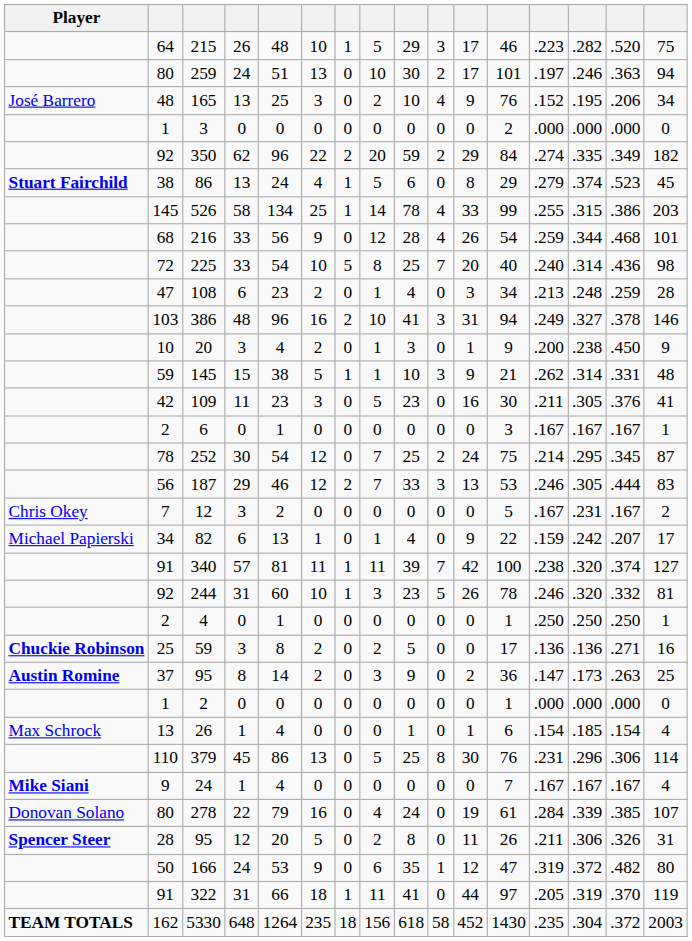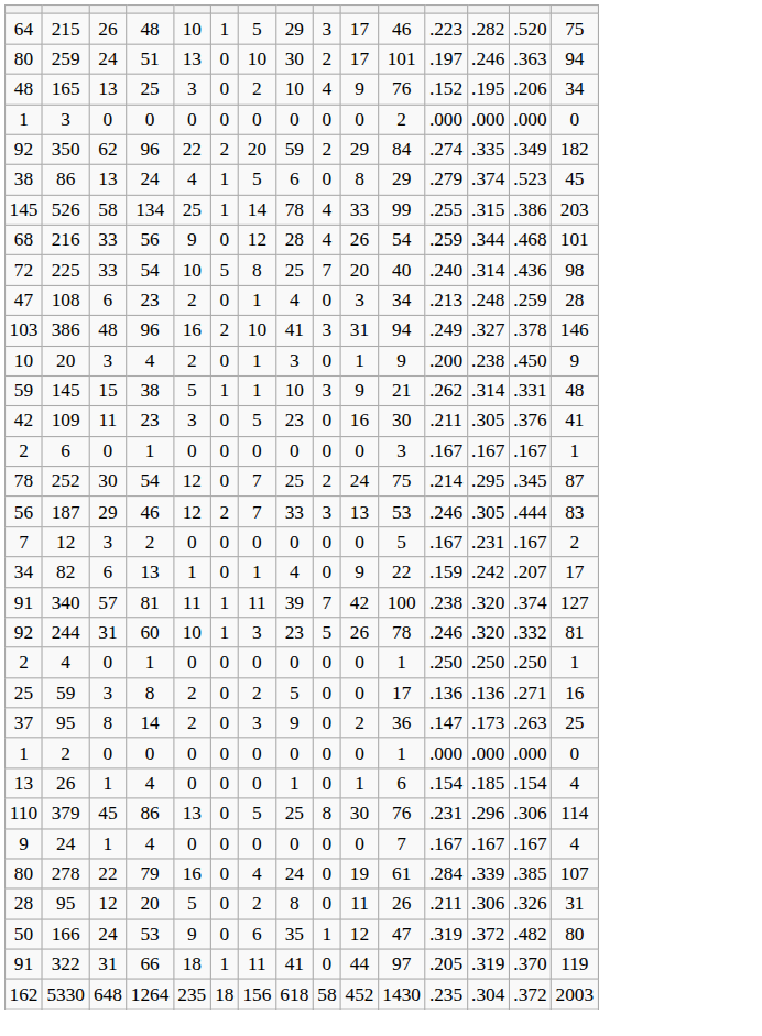 <table class="wikitable sortable" style="text-align:center;">
 <tr>
-<th>Player</th>
 <th></th>
 <th></th>
 <th></th>
 <th></th>
 <th></th>
 <th></th>
 <th></th>
 <th></th>
 <th></th>
 <th></th>
 <th></th>
 <th></th>
 <th></th>
 <th></th>
 <th></th>
 </tr>
 <tr>
-<td align=left></td>
 <td>64</td>
 <td>215</td>
 <td>26</td>
 <td>48</td>
 <td>10</td>
 <td>1</td>
 <td>5</td>
 <td>29</td>
 <td>3</td>
 <td>17</td>
 <td>46</td>
 <td>.223</td>
 <td>.282</td>
 <td>.520</td>
 <td>75</td>
 </tr>
 <tr>
-<td align=left><strong></strong></td>
 <td>80</td>
 <td>259</td>
 <td>24</td>
 <td>51</td>
 <td>13</td>
 <td>0</td>
 <td>10</td>
 <td>30</td>
 <td>2</td>
 <td>17</td>
 <td>101</td>
 <td>.197</td>
 <td>.246</td>
 <td>.363</td>
 <td>94</td>
 </tr>
 <tr>
-<td align=left><a href='#'>José Barrero</a></td>
 <td>48</td>
 <td>165</td>
 <td>13</td>
 <td>25</td>
 <td>3</td>
 <td>0</td>
 <td>2</td>
 <td>10</td>
 <td>4</td>
 <td>9</td>
 <td>76</td>
 <td>.152</td>
 <td>.195</td>
 <td>.206</td>
 <td>34</td>
 </tr>
 <tr>
-<td align=left></td>
 <td>1</td>
 <td>3</td>
 <td>0</td>
 <td>0</td>
 <td>0</td>
 <td>0</td>
 <td>0</td>
 <td>0</td>
 <td>0</td>
 <td>0</td>
 <td>2</td>
 <td>.000</td>
 <td>.000</td>
 <td>.000</td>
 <td>0</td>
 </tr>
 <tr>
-<td align=left></td>
 <td>92</td>
 <td>350</td>
 <td>62</td>
 <td>96</td>
 <td>22</td>
 <td>2</td>
 <td>20</td>
 <td>59</td>
 <td>2</td>
 <td>29</td>
 <td>84</td>
 <td>.274</td>
 <td>.335</td>
 <td>.349</td>
 <td>182</td>
 </tr>
 <tr>
-<td align=left><strong><a href='#'>Stuart Fairchild</a></strong></td>
 <td>38</td>
 <td>86</td>
 <td>13</td>
 <td>24</td>
 <td>4</td>
 <td>1</td>
 <td>5</td>
 <td>6</td>
 <td>0</td>
 <td>8</td>
 <td>29</td>
 <td>.279</td>
 <td>.374</td>
 <td>.523</td>
 <td>45</td>
 </tr>
 <tr>
-<td align=left><strong></strong></td>
 <td>145</td>
 <td>526</td>
 <td>58</td>
 <td>134</td>
 <td>25</td>
 <td>1</td>
 <td>14</td>
 <td>78</td>
 <td>4</td>
 <td>33</td>
 <td>99</td>
 <td>.255</td>
 <td>.315</td>
 <td>.386</td>
 <td>203</td>
 </tr>
 <tr>
-<td align=left></td>
 <td>68</td>
 <td>216</td>
 <td>33</td>
 <td>56</td>
 <td>9</td>
 <td>0</td>
 <td>12</td>
 <td>28</td>
 <td>4</td>
 <td>26</td>
 <td>54</td>
 <td>.259</td>
 <td>.344</td>
 <td>.468</td>
 <td>101</td>
 </tr>
 <tr>
-<td align=left><strong></strong></td>
 <td>72</td>
 <td>225</td>
 <td>33</td>
 <td>54</td>
 <td>10</td>
 <td>5</td>
 <td>8</td>
 <td>25</td>
 <td>7</td>
 <td>20</td>
 <td>40</td>
 <td>.240</td>
 <td>.314</td>
 <td>.436</td>
 <td>98</td>
 </tr>
 <tr>
-<td align=left><strong></strong></td>
 <td>47</td>
 <td>108</td>
 <td>6</td>
 <td>23</td>
 <td>2</td>
 <td>0</td>
 <td>1</td>
 <td>4</td>
 <td>0</td>
 <td>3</td>
 <td>34</td>
 <td>.213</td>
 <td>.248</td>
 <td>.259</td>
 <td>28</td>
 </tr>
 <tr>
-<td align=left></td>
 <td>103</td>
 <td>386</td>
 <td>48</td>
 <td>96</td>
 <td>16</td>
 <td>2</td>
 <td>10</td>
 <td>41</td>
 <td>3</td>
 <td>31</td>
 <td>94</td>
 <td>.249</td>
 <td>.327</td>
 <td>.378</td>
 <td>146</td>
 </tr>
 <tr>
-<td align=left></td>
 <td>10</td>
 <td>20</td>
 <td>3</td>
 <td>4</td>
 <td>2</td>
 <td>0</td>
 <td>1</td>
 <td>3</td>
 <td>0</td>
 <td>1</td>
 <td>9</td>
 <td>.200</td>
 <td>.238</td>
 <td>.450</td>
 <td>9</td>
 </tr>
 <tr>
-<td align=left><strong></strong></td>
 <td>59</td>
 <td>145</td>
 <td>15</td>
 <td>38</td>
 <td>5</td>
 <td>1</td>
 <td>1</td>
 <td>10</td>
 <td>3</td>
 <td>9</td>
 <td>21</td>
 <td>.262</td>
 <td>.314</td>
 <td>.331</td>
 <td>48</td>
 </tr>
 <tr>
-<td align=left><strong></strong></td>
 <td>42</td>
 <td>109</td>
 <td>11</td>
 <td>23</td>
 <td>3</td>
 <td>0</td>
 <td>5</td>
 <td>23</td>
 <td>0</td>
 <td>16</td>
 <td>30</td>
 <td>.211</td>
 <td>.305</td>
 <td>.376</td>
 <td>41</td>
 </tr>
 <tr>
-<td align=left><strong></strong></td>
 <td>2</td>
 <td>6</td>
 <td>0</td>
 <td>1</td>
 <td>0</td>
 <td>0</td>
 <td>0</td>
 <td>0</td>
 <td>0</td>
 <td>0</td>
 <td>3</td>
 <td>.167</td>
 <td>.167</td>
 <td>.167</td>
 <td>1</td>
 </tr>
 <tr>
-<td align=left><strong></strong></td>
 <td>78</td>
 <td>252</td>
 <td>30</td>
 <td>54</td>
 <td>12</td>
 <td>0</td>
 <td>7</td>
 <td>25</td>
 <td>2</td>
 <td>24</td>
 <td>75</td>
 <td>.214</td>
 <td>.295</td>
 <td>.345</td>
 <td>87</td>
 </tr>
 <tr>
-<td align=left><strong></strong></td>
 <td>56</td>
 <td>187</td>
 <td>29</td>
 <td>46</td>
 <td>12</td>
 <td>2</td>
 <td>7</td>
 <td>33</td>
 <td>3</td>
 <td>13</td>
 <td>53</td>
 <td>.246</td>
 <td>.305</td>
 <td>.444</td>
 <td>83</td>
 </tr>
 <tr>
-<td align=left><a href='#'>Chris Okey</a></td>
 <td>7</td>
 <td>12</td>
 <td>3</td>
 <td>2</td>
 <td>0</td>
 <td>0</td>
 <td>0</td>
 <td>0</td>
 <td>0</td>
 <td>0</td>
 <td>5</td>
 <td>.167</td>
 <td>.231</td>
 <td>.167</td>
 <td>2</td>
 </tr>
 <tr>
-<td align=left><a href='#'>Michael Papierski</a></td>
 <td>34</td>
 <td>82</td>
 <td>6</td>
 <td>13</td>
 <td>1</td>
 <td>0</td>
 <td>1</td>
 <td>4</td>
 <td>0</td>
 <td>9</td>
 <td>22</td>
 <td>.159</td>
 <td>.242</td>
 <td>.207</td>
 <td>17</td>
 </tr>
 <tr>
-<td align=left><strong></strong></td>
 <td>91</td>
 <td>340</td>
 <td>57</td>
 <td>81</td>
 <td>11</td>
 <td>1</td>
 <td>11</td>
 <td>39</td>
 <td>7</td>
 <td>42</td>
 <td>100</td>
 <td>.238</td>
 <td>.320</td>
 <td>.374</td>
 <td>127</td>
 </tr>
 <tr>
-<td align=left><strong></strong></td>
 <td>92</td>
 <td>244</td>
 <td>31</td>
 <td>60</td>
 <td>10</td>
 <td>1</td>
 <td>3</td>
 <td>23</td>
 <td>5</td>
 <td>26</td>
 <td>78</td>
 <td>.246</td>
 <td>.320</td>
 <td>.332</td>
 <td>81</td>
 </tr>
 <tr>
-<td align=left></td>
 <td>2</td>
 <td>4</td>
 <td>0</td>
 <td>1</td>
 <td>0</td>
 <td>0</td>
 <td>0</td>
 <td>0</td>
 <td>0</td>
 <td>0</td>
 <td>1</td>
 <td>.250</td>
 <td>.250</td>
 <td>.250</td>
 <td>1</td>
 </tr>
 <tr>
-<td align=left><strong><a href='#'>Chuckie Robinson</a></strong></td>
 <td>25</td>
 <td>59</td>
 <td>3</td>
 <td>8</td>
 <td>2</td>
 <td>0</td>
 <td>2</td>
 <td>5</td>
 <td>0</td>
 <td>0</td>
 <td>17</td>
 <td>.136</td>
 <td>.136</td>
 <td>.271</td>
 <td>16</td>
 </tr>
 <tr>
-<td align=left><strong><a href='#'>Austin Romine</a></strong></td>
 <td>37</td>
 <td>95</td>
 <td>8</td>
 <td>14</td>
 <td>2</td>
 <td>0</td>
 <td>3</td>
 <td>9</td>
 <td>0</td>
 <td>2</td>
 <td>36</td>
 <td>.147</td>
 <td>.173</td>
 <td>.263</td>
 <td>25</td>
 </tr>
 <tr>
-<td align=left></td>
 <td>1</td>
 <td>2</td>
 <td>0</td>
 <td>0</td>
 <td>0</td>
 <td>0</td>
 <td>0</td>
 <td>0</td>
 <td>0</td>
 <td>0</td>
 <td>1</td>
 <td>.000</td>
 <td>.000</td>
 <td>.000</td>
 <td>0</td>
 </tr>
 <tr>
-<td align=left><a href='#'>Max Schrock</a></td>
 <td>13</td>
 <td>26</td>
 <td>1</td>
 <td>4</td>
 <td>0</td>
 <td>0</td>
 <td>0</td>
 <td>1</td>
 <td>0</td>
 <td>1</td>
 <td>6</td>
 <td>.154</td>
 <td>.185</td>
 <td>.154</td>
 <td>4</td>
 </tr>
 <tr>
-<td align=left></td>
 <td>110</td>
 <td>379</td>
 <td>45</td>
 <td>86</td>
 <td>13</td>
 <td>0</td>
 <td>5</td>
 <td>25</td>
 <td>8</td>
 <td>30</td>
 <td>76</td>
 <td>.231</td>
 <td>.296</td>
 <td>.306</td>
 <td>114</td>
 </tr>
 <tr>
-<td align=left><strong><a href='#'>Mike Siani</a></strong></td>
 <td>9</td>
 <td>24</td>
 <td>1</td>
 <td>4</td>
 <td>0</td>
 <td>0</td>
 <td>0</td>
 <td>0</td>
 <td>0</td>
 <td>0</td>
 <td>7</td>
 <td>.167</td>
 <td>.167</td>
 <td>.167</td>
 <td>4</td>
 </tr>
 <tr>
-<td align=left><a href='#'>Donovan Solano</a></td>
 <td>80</td>
 <td>278</td>
 <td>22</td>
 <td>79</td>
 <td>16</td>
 <td>0</td>
 <td>4</td>
 <td>24</td>
 <td>0</td>
 <td>19</td>
 <td>61</td>
 <td>.284</td>
 <td>.339</td>
 <td>.385</td>
 <td>107</td>
 </tr>
 <tr>
-<td align=left><strong><a href='#'>Spencer Steer</a></strong></td>
 <td>28</td>
 <td>95</td>
 <td>12</td>
 <td>20</td>
 <td>5</td>
 <td>0</td>
 <td>2</td>
 <td>8</td>
 <td>0</td>
 <td>11</td>
 <td>26</td>
 <td>.211</td>
 <td>.306</td>
 <td>.326</td>
 <td>31</td>
 </tr>
 <tr>
-<td align=left><strong></strong></td>
 <td>50</td>
 <td>166</td>
 <td>24</td>
 <td>53</td>
 <td>9</td>
 <td>0</td>
 <td>6</td>
 <td>35</td>
 <td>1</td>
 <td>12</td>
 <td>47</td>
 <td>.319</td>
 <td>.372</td>
 <td>.482</td>
 <td>80</td>
 </tr>
 <tr>
-<td align=left><strong></strong></td>
 <td>91</td>
 <td>322</td>
 <td>31</td>
 <td>66</td>
 <td>18</td>
 <td>1</td>
 <td>11</td>
 <td>41</td>
 <td>0</td>
 <td>44</td>
 <td>97</td>
 <td>.205</td>
 <td>.319</td>
 <td>.370</td>
 <td>119</td>
 </tr>
 <tr class="sortbottom">
-<td align="left"><strong>TEAM TOTALS</strong></td>
 <td>162</td>
 <td>5330</td>
 <td>648</td>
 <td>1264</td>
 <td>235</td>
 <td>18</td>
 <td>156</td>
 <td>618</td>
 <td>58</td>
 <td>452</td>
 <td>1430</td>
 <td>.235</td>
 <td>.304</td>
 <td>.372</td>
 <td>2003</td>
 </tr>
 </table>
